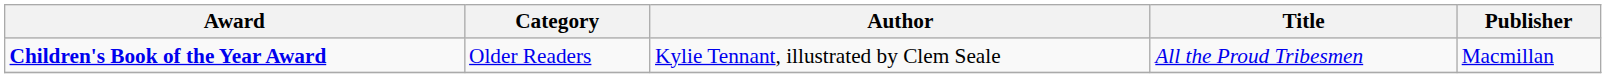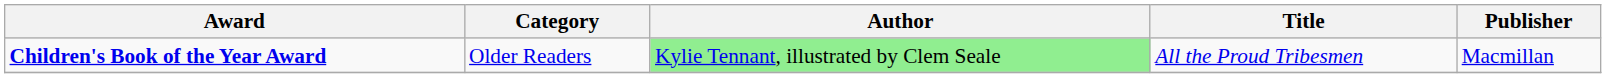 <table class="wikitable" width=95%>
 <tr>
 <th>Award</th>
 <th>Category</th>
 <th>Author</th>
 <th>Title</th>
 <th>Publisher</th>
 </tr>
 <tr>
 <td><strong><a href='#'>Children's Book of the Year Award</a></strong></td>
 <td><a href='#'>Older Readers</a></td>
-<td><a href='#'>Kylie Tennant</a>, illustrated by Clem Seale</td>
+<td style="background: lightgreen;"><a href='#'>Kylie Tennant</a>, illustrated by Clem Seale</td>
 <td><em><a href='#'>All the Proud Tribesmen</a></em></td>
 <td><a href='#'>Macmillan</a></td>
 </tr>
 <tr>
 </tr>
 </table>
